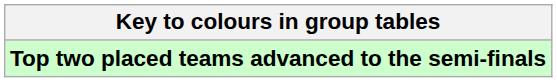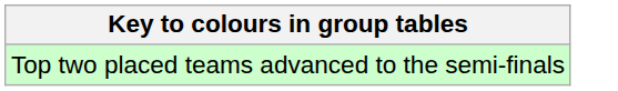 <table class="wikitable">
 <tr>
 <th>Key to colours in group tables</th>
 </tr>
 <tr bgcolor=#ccffcc>
-<td><strong>Top two placed teams advanced to the semi-finals</strong></td>
+<td>Top two placed teams advanced to the semi-finals</td>
 </tr>
 </table>
